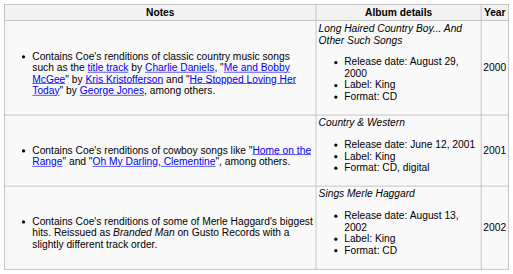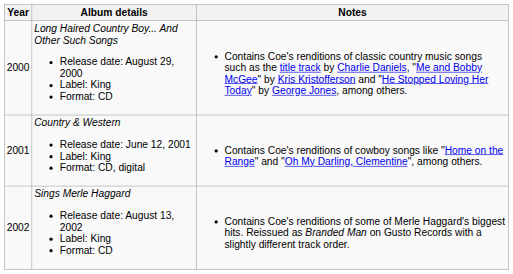 <table class="wikitable">
 <tr>
+<th style="width:33px;">Year</th>
+<th style="width:250px;">Album details</th>
 <th style="width:30em;">Notes</th>
-<th style="width:250px;">Album details</th>
-<th style="width:33px;">Year</th>
 </tr>
 <tr>
+<td>2000</td>
+<td><em>Long Haired Country Boy... And Other Such Songs</em><br><ul><li>Release date: August 29, 2000</li><li>Label: King</li><li>Format: CD</li></ul></td>
 <td><br><ul><li>Contains Coe's renditions of classic country music songs such as the <a href='#'>title track</a> by <a href='#'>Charlie Daniels</a>, "<a href='#'>Me and Bobby McGee</a>" by <a href='#'>Kris Kristofferson</a> and "<a href='#'>He Stopped Loving Her Today</a>" by <a href='#'>George Jones</a>, among others.</li></ul></td>
-<td><em>Long Haired Country Boy... And Other Such Songs</em><br><ul><li>Release date: August 29, 2000</li><li>Label: King</li><li>Format: CD</li></ul></td>
-<td>2000</td>
 </tr>
 <tr>
+<td>2001</td>
+<td><em>Country & Western</em><br><ul><li>Release date: June 12, 2001</li><li>Label: King</li><li>Format: CD, digital</li></ul></td>
 <td><br><ul><li>Contains Coe's renditions of cowboy songs like "<a href='#'>Home on the Range</a>" and "<a href='#'>Oh My Darling, Clementine</a>", among others.</li></ul></td>
-<td><em>Country & Western</em><br><ul><li>Release date: June 12, 2001</li><li>Label: King</li><li>Format: CD, digital</li></ul></td>
-<td>2001</td>
 </tr>
 <tr>
+<td>2002</td>
+<td><em>Sings Merle Haggard</em><br><ul><li>Release date: August 13, 2002</li><li>Label: King</li><li>Format: CD</li></ul></td>
 <td><br><ul><li>Contains Coe's renditions of some of Merle Haggard's biggest hits. Reissued as <em>Branded Man</em> on Gusto Records with a slightly different track order.</li></ul></td>
-<td><em>Sings Merle Haggard</em><br><ul><li>Release date: August 13, 2002</li><li>Label: King</li><li>Format: CD</li></ul></td>
-<td>2002</td>
 </tr>
 </table>
